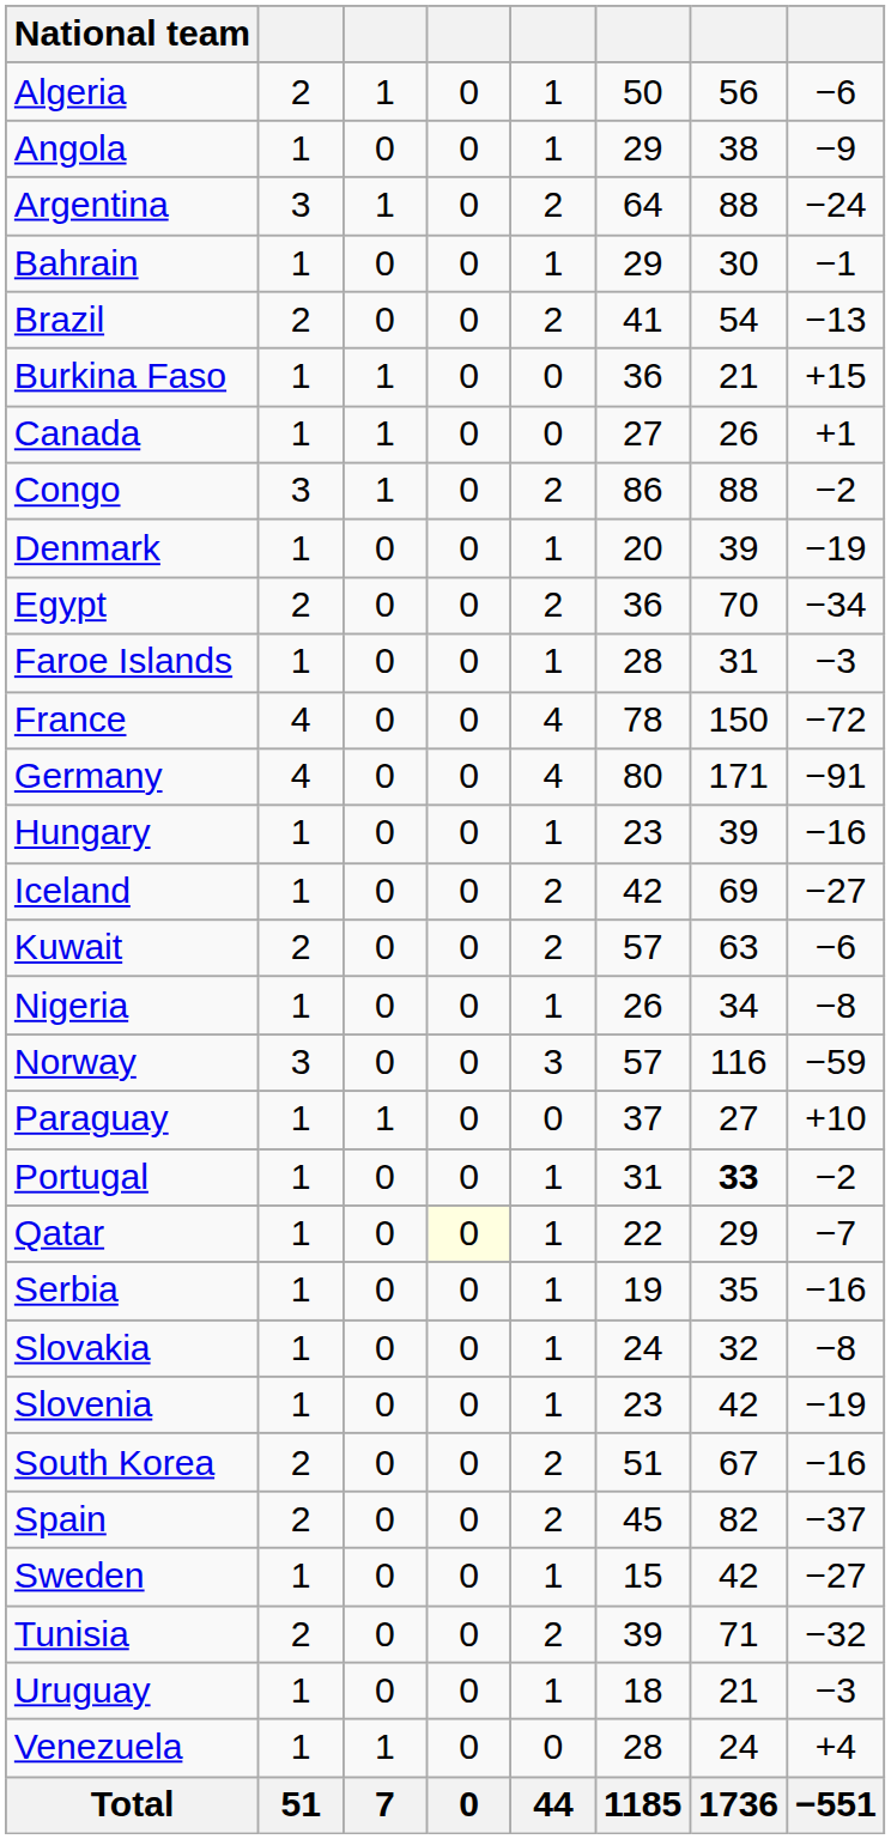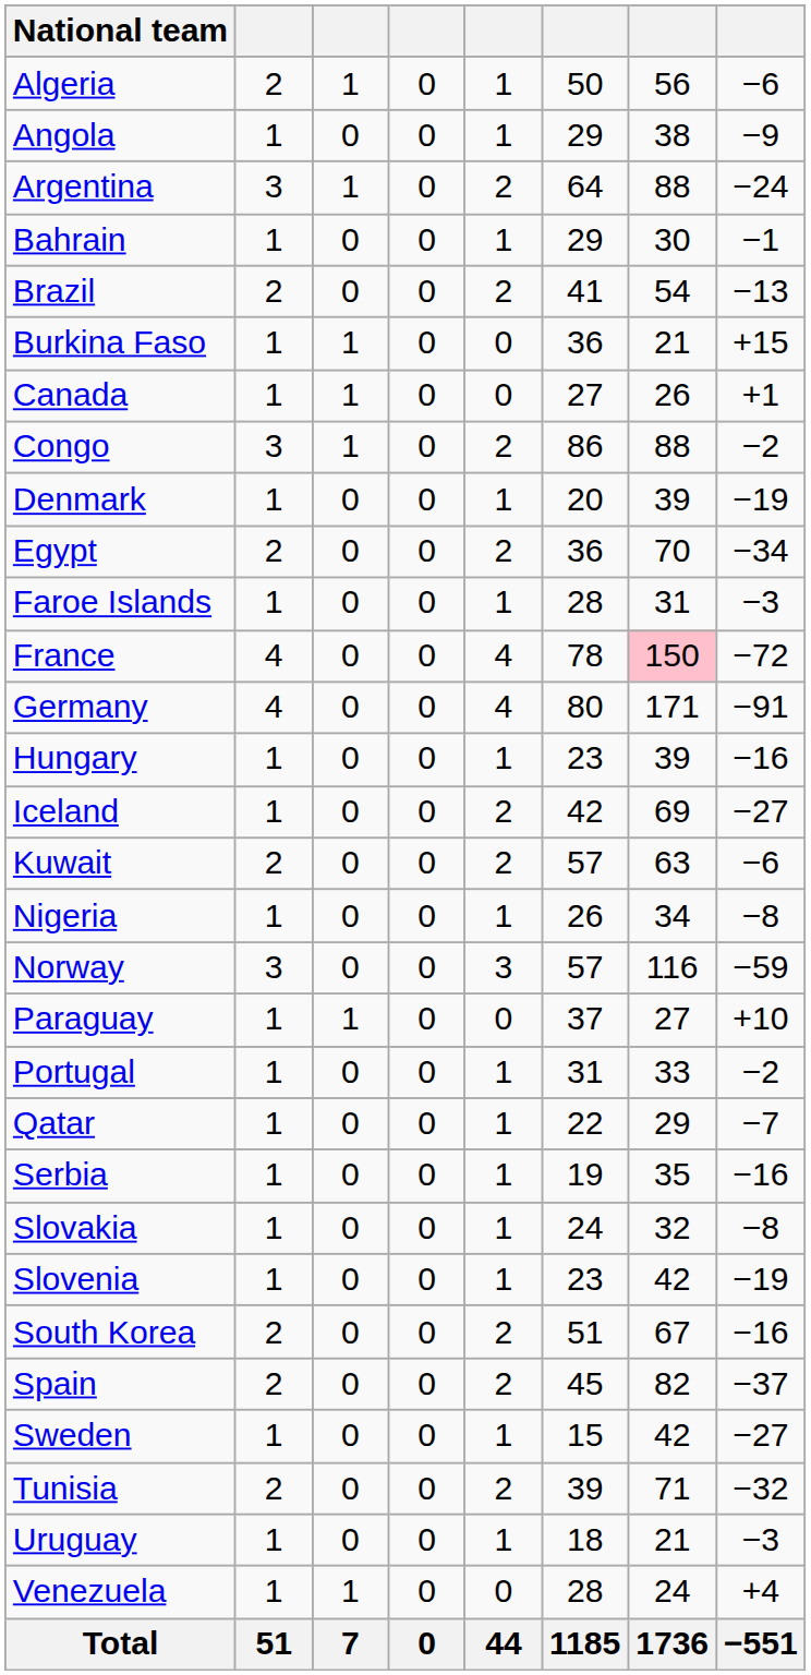 <table class="wikitable" style="text-align: center;">
 <tr>
 <th>National team</th>
 <th width="30"></th>
 <th width="30"></th>
 <th width="30"></th>
 <th width="30"></th>
 <th></th>
 <th></th>
 <th></th>
 </tr>
 <tr>
 <td align="left"> <a href='#'>Algeria</a></td>
 <td>2</td>
 <td>1</td>
 <td>0</td>
 <td>1</td>
 <td>50</td>
 <td>56</td>
 <td>−6</td>
 </tr>
 <tr>
 <td align="left"> <a href='#'>Angola</a></td>
 <td>1</td>
 <td>0</td>
 <td>0</td>
 <td>1</td>
 <td>29</td>
 <td>38</td>
 <td>−9</td>
 </tr>
 <tr>
 <td align="left"> <a href='#'>Argentina</a></td>
 <td>3</td>
 <td>1</td>
 <td>0</td>
 <td>2</td>
 <td>64</td>
 <td>88</td>
 <td>−24</td>
 </tr>
 <tr>
 <td align="left"> <a href='#'>Bahrain</a></td>
 <td>1</td>
 <td>0</td>
 <td>0</td>
 <td>1</td>
 <td>29</td>
 <td>30</td>
 <td>−1</td>
 </tr>
 <tr>
 <td align="left"> <a href='#'>Brazil</a></td>
 <td>2</td>
 <td>0</td>
 <td>0</td>
 <td>2</td>
 <td>41</td>
 <td>54</td>
 <td>−13</td>
 </tr>
 <tr>
 <td align="left"> <a href='#'>Burkina Faso</a></td>
 <td>1</td>
 <td>1</td>
 <td>0</td>
 <td>0</td>
 <td>36</td>
 <td>21</td>
 <td>+15</td>
 </tr>
 <tr>
 <td align="left"> <a href='#'>Canada</a></td>
 <td>1</td>
 <td>1</td>
 <td>0</td>
 <td>0</td>
 <td>27</td>
 <td>26</td>
 <td>+1</td>
 </tr>
 <tr>
 <td align="left"> <a href='#'>Congo</a></td>
 <td>3</td>
 <td>1</td>
 <td>0</td>
 <td>2</td>
 <td>86</td>
 <td>88</td>
 <td>−2</td>
 </tr>
 <tr>
 <td align="left"> <a href='#'>Denmark</a></td>
 <td>1</td>
 <td>0</td>
 <td>0</td>
 <td>1</td>
 <td>20</td>
 <td>39</td>
 <td>−19</td>
 </tr>
 <tr>
 <td align="left"> <a href='#'>Egypt</a></td>
 <td>2</td>
 <td>0</td>
 <td>0</td>
 <td>2</td>
 <td>36</td>
 <td>70</td>
 <td>−34</td>
 </tr>
 <tr>
 <td align="left"> <a href='#'>Faroe Islands</a></td>
 <td>1</td>
 <td>0</td>
 <td>0</td>
 <td>1</td>
 <td>28</td>
 <td>31</td>
 <td>−3</td>
 </tr>
 <tr>
 <td align="left"> <a href='#'>France</a></td>
 <td>4</td>
 <td>0</td>
 <td>0</td>
 <td>4</td>
 <td>78</td>
-<td>150</td>
+<td style="background: pink;">150</td>
 <td>−72</td>
 </tr>
 <tr>
 <td align="left"> <a href='#'>Germany</a></td>
 <td>4</td>
 <td>0</td>
 <td>0</td>
 <td>4</td>
 <td>80</td>
 <td>171</td>
 <td>−91</td>
 </tr>
 <tr>
 <td align="left"> <a href='#'>Hungary</a></td>
 <td>1</td>
 <td>0</td>
 <td>0</td>
 <td>1</td>
 <td>23</td>
 <td>39</td>
 <td>−16</td>
 </tr>
 <tr>
 <td align="left"> <a href='#'>Iceland</a></td>
 <td>1</td>
 <td>0</td>
 <td>0</td>
 <td>2</td>
 <td>42</td>
 <td>69</td>
 <td>−27</td>
 </tr>
 <tr>
 <td align="left"> <a href='#'>Kuwait</a></td>
 <td>2</td>
 <td>0</td>
 <td>0</td>
 <td>2</td>
 <td>57</td>
 <td>63</td>
 <td>−6</td>
 </tr>
 <tr>
 <td align="left"> <a href='#'>Nigeria</a></td>
 <td>1</td>
 <td>0</td>
 <td>0</td>
 <td>1</td>
 <td>26</td>
 <td>34</td>
 <td>−8</td>
 </tr>
 <tr>
 <td align="left"> <a href='#'>Norway</a></td>
 <td>3</td>
 <td>0</td>
 <td>0</td>
 <td>3</td>
 <td>57</td>
 <td>116</td>
 <td>−59</td>
 </tr>
 <tr>
 <td align="left"> <a href='#'>Paraguay</a></td>
 <td>1</td>
 <td>1</td>
 <td>0</td>
 <td>0</td>
 <td>37</td>
 <td>27</td>
 <td>+10</td>
 </tr>
 <tr>
 <td align="left"> <a href='#'>Portugal</a></td>
 <td>1</td>
 <td>0</td>
 <td>0</td>
 <td>1</td>
 <td>31</td>
-<td><strong>33</strong></td>
+<td>33</td>
 <td>−2</td>
 </tr>
 <tr>
 <td align="left"> <a href='#'>Qatar</a></td>
 <td>1</td>
 <td>0</td>
-<td style="background: lightyellow;">0</td>
+<td>0</td>
 <td>1</td>
 <td>22</td>
 <td>29</td>
 <td>−7</td>
 </tr>
 <tr>
 <td align="left"> <a href='#'>Serbia</a></td>
 <td>1</td>
 <td>0</td>
 <td>0</td>
 <td>1</td>
 <td>19</td>
 <td>35</td>
 <td>−16</td>
 </tr>
 <tr>
 <td align="left"> <a href='#'>Slovakia</a></td>
 <td>1</td>
 <td>0</td>
 <td>0</td>
 <td>1</td>
 <td>24</td>
 <td>32</td>
 <td>−8</td>
 </tr>
 <tr>
 <td align="left"> <a href='#'>Slovenia</a></td>
 <td>1</td>
 <td>0</td>
 <td>0</td>
 <td>1</td>
 <td>23</td>
 <td>42</td>
 <td>−19</td>
 </tr>
 <tr>
 <td align="left"> <a href='#'>South Korea</a></td>
 <td>2</td>
 <td>0</td>
 <td>0</td>
 <td>2</td>
 <td>51</td>
 <td>67</td>
 <td>−16</td>
 </tr>
 <tr>
 <td align="left"> <a href='#'>Spain</a></td>
 <td>2</td>
 <td>0</td>
 <td>0</td>
 <td>2</td>
 <td>45</td>
 <td>82</td>
 <td>−37</td>
 </tr>
 <tr>
 <td align="left"> <a href='#'>Sweden</a></td>
 <td>1</td>
 <td>0</td>
 <td>0</td>
 <td>1</td>
 <td>15</td>
 <td>42</td>
 <td>−27</td>
 </tr>
 <tr>
 <td align="left"> <a href='#'>Tunisia</a></td>
 <td>2</td>
 <td>0</td>
 <td>0</td>
 <td>2</td>
 <td>39</td>
 <td>71</td>
 <td>−32</td>
 </tr>
 <tr>
 <td align="left"> <a href='#'>Uruguay</a></td>
 <td>1</td>
 <td>0</td>
 <td>0</td>
 <td>1</td>
 <td>18</td>
 <td>21</td>
 <td>−3</td>
 </tr>
 <tr>
 <td align="left"> <a href='#'>Venezuela</a></td>
 <td>1</td>
 <td>1</td>
 <td>0</td>
 <td>0</td>
 <td>28</td>
 <td>24</td>
 <td>+4</td>
 </tr>
 <tr>
 <th>Total</th>
 <th>51</th>
 <th>7</th>
 <th>0</th>
 <th>44</th>
 <th>1185</th>
 <th>1736</th>
 <th>−551</th>
 </tr>
 </table>
